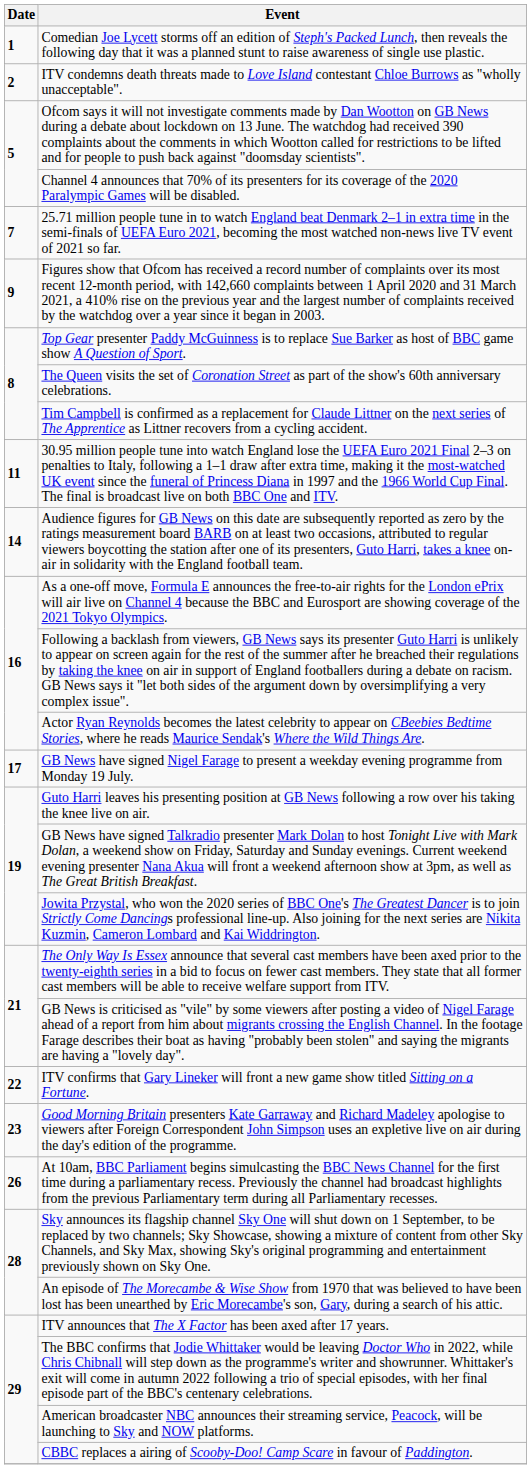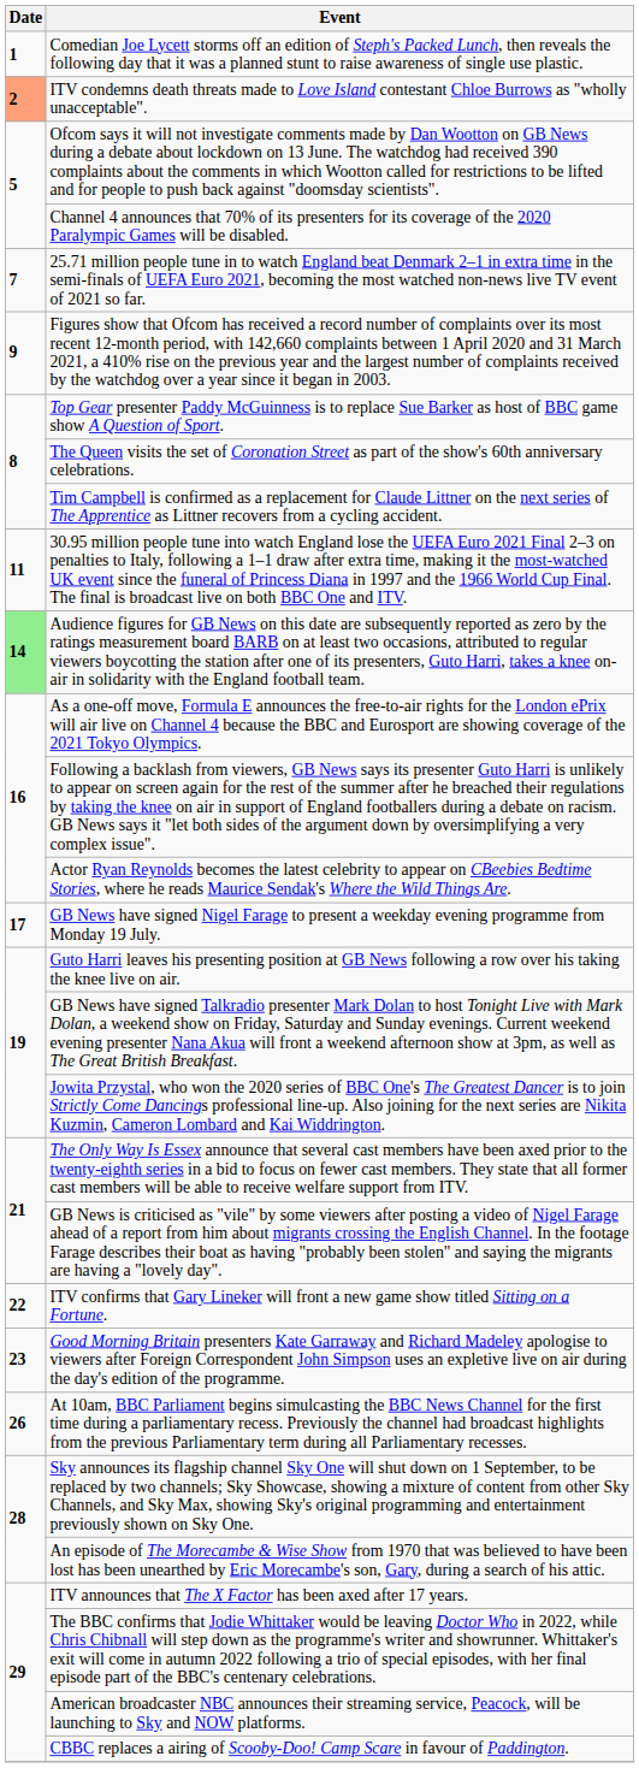 <table class="wikitable">
 <tr>
 <th>Date</th>
 <th>Event</th>
 </tr>
 <tr>
 <td><strong>1</strong></td>
 <td>Comedian <a href='#'>Joe Lycett</a> storms off an edition of <em><a href='#'>Steph's Packed Lunch</a></em>, then reveals the following day that it was a planned stunt to raise awareness of single use plastic.</td>
 </tr>
 <tr>
-<td><strong>2</strong></td>
+<td style="background: lightsalmon;"><strong>2</strong></td>
 <td>ITV condemns death threats made to <em><a href='#'>Love Island</a></em> contestant <a href='#'>Chloe Burrows</a> as "wholly unacceptable".</td>
 </tr>
 <tr>
 <td rowspan=2><strong>5</strong></td>
 <td>Ofcom says it will not investigate comments made by <a href='#'>Dan Wootton</a> on <a href='#'>GB News</a> during a debate about lockdown on 13 June. The watchdog had received 390 complaints about the comments in which Wootton called for restrictions to be lifted and for people to push back against "doomsday scientists".</td>
 </tr>
 <tr>
 <td>Channel 4 announces that 70% of its presenters for its coverage of the <a href='#'>2020 Paralympic Games</a> will be disabled.</td>
 </tr>
 <tr>
 <td><strong>7</strong></td>
 <td>25.71 million people tune in to watch <a href='#'>England beat Denmark 2–1 in extra time</a> in the semi-finals of <a href='#'>UEFA Euro 2021</a>, becoming the most watched non-news live TV event of 2021 so far.</td>
 </tr>
 <tr>
 <td><strong>9</strong></td>
 <td>Figures show that Ofcom has received a record number of complaints over its most recent 12-month period, with 142,660 complaints between 1 April 2020 and 31 March 2021, a 410% rise on the previous year and the largest number of complaints received by the watchdog over a year since it began in 2003.</td>
 </tr>
 <tr>
 <td rowspan=3><strong>8</strong></td>
 <td><em><a href='#'>Top Gear</a></em> presenter <a href='#'>Paddy McGuinness</a> is to replace <a href='#'>Sue Barker</a> as host of <a href='#'>BBC</a> game show <em><a href='#'>A Question of Sport</a></em>.</td>
 </tr>
 <tr>
 <td><a href='#'>The Queen</a> visits the set of <em><a href='#'>Coronation Street</a></em> as part of the show's 60th anniversary celebrations.</td>
 </tr>
 <tr>
 <td><a href='#'>Tim Campbell</a> is confirmed as a replacement for <a href='#'>Claude Littner</a> on the <a href='#'>next series</a> of <em><a href='#'>The Apprentice</a></em> as Littner recovers from a cycling accident.</td>
 </tr>
 <tr>
 <td><strong>11</strong></td>
 <td>30.95 million people tune into watch England lose the <a href='#'>UEFA Euro 2021 Final</a> 2–3 on penalties to Italy, following a 1–1 draw after extra time, making it the <a href='#'>most-watched UK event</a> since the <a href='#'>funeral of Princess Diana</a> in 1997 and the <a href='#'>1966 World Cup Final</a>. The final is broadcast live on both <a href='#'>BBC One</a> and <a href='#'>ITV</a>.</td>
 </tr>
 <tr>
-<td><strong>14</strong></td>
+<td style="background: lightgreen;"><strong>14</strong></td>
 <td>Audience figures for <a href='#'>GB News</a> on this date are subsequently reported as zero by the ratings measurement board <a href='#'>BARB</a> on at least two occasions, attributed to regular viewers boycotting the station after one of its presenters, <a href='#'>Guto Harri</a>, <a href='#'>takes a knee</a> on-air in solidarity with the England football team.</td>
 </tr>
 <tr>
 <td rowspan=3><strong>16</strong></td>
 <td>As a one-off move, <a href='#'>Formula E</a> announces the free-to-air rights for the <a href='#'>London ePrix</a> will air live on <a href='#'>Channel 4</a> because the BBC and Eurosport are showing coverage of the <a href='#'>2021 Tokyo Olympics</a>.</td>
 </tr>
 <tr>
 <td>Following a backlash from viewers, <a href='#'>GB News</a> says its presenter <a href='#'>Guto Harri</a> is unlikely to appear on screen again for the rest of the summer after he breached their regulations by <a href='#'>taking the knee</a> on air in support of England footballers during a debate on racism. GB News says it "let both sides of the argument down by oversimplifying a very complex issue".</td>
 </tr>
 <tr>
 <td>Actor <a href='#'>Ryan Reynolds</a> becomes the latest celebrity to appear on <em><a href='#'>CBeebies Bedtime Stories</a></em>, where he reads <a href='#'>Maurice Sendak</a>'s <em><a href='#'>Where the Wild Things Are</a></em>.</td>
 </tr>
 <tr>
 <td><strong>17</strong></td>
 <td><a href='#'>GB News</a> have signed <a href='#'>Nigel Farage</a> to present a weekday evening programme from Monday 19 July.</td>
 </tr>
 <tr>
 <td rowspan=3><strong>19</strong></td>
 <td><a href='#'>Guto Harri</a> leaves his presenting position at <a href='#'>GB News</a> following a row over his taking the knee live on air.</td>
 </tr>
 <tr>
 <td>GB News have signed <a href='#'>Talkradio</a> presenter <a href='#'>Mark Dolan</a> to host <em>Tonight Live with Mark Dolan</em>, a weekend show on Friday, Saturday and Sunday evenings. Current weekend evening presenter <a href='#'>Nana Akua</a> will front a weekend afternoon show at 3pm, as well as <em>The Great British Breakfast</em>.</td>
 </tr>
 <tr>
 <td><a href='#'>Jowita Przystal</a>, who won the 2020 series of <a href='#'>BBC One</a>'s <em><a href='#'>The Greatest Dancer</a></em> is to join <em><a href='#'>Strictly Come Dancing</a></em>s professional line-up. Also joining for the next series are <a href='#'>Nikita Kuzmin</a>, <a href='#'>Cameron Lombard</a> and <a href='#'>Kai Widdrington</a>.</td>
 </tr>
 <tr>
 <td rowspan=2><strong>21</strong></td>
 <td><em><a href='#'>The Only Way Is Essex</a></em> announce that several cast members have been axed prior to the <a href='#'>twenty-eighth series</a> in a bid to focus on fewer cast members. They state that all former cast members will be able to receive welfare support from ITV.</td>
 </tr>
 <tr>
 <td>GB News is criticised as "vile" by some viewers after posting a video of <a href='#'>Nigel Farage</a> ahead of a report from him about <a href='#'>migrants crossing the English Channel</a>. In the footage Farage describes their boat as having "probably been stolen" and saying the migrants are having a "lovely day".</td>
 </tr>
 <tr>
 <td><strong>22</strong></td>
 <td>ITV confirms that <a href='#'>Gary Lineker</a> will front a new game show titled <em><a href='#'>Sitting on a Fortune</a></em>.</td>
 </tr>
 <tr>
 <td><strong>23</strong></td>
 <td><em><a href='#'>Good Morning Britain</a></em> presenters <a href='#'>Kate Garraway</a> and <a href='#'>Richard Madeley</a> apologise to viewers after Foreign Correspondent <a href='#'>John Simpson</a> uses an expletive live on air during the day's edition of the programme.</td>
 </tr>
 <tr>
 <td><strong>26</strong></td>
 <td>At 10am, <a href='#'>BBC Parliament</a> begins simulcasting the <a href='#'>BBC News Channel</a> for the first time during a parliamentary recess. Previously the channel had broadcast highlights from the previous Parliamentary term during all Parliamentary recesses.</td>
 </tr>
 <tr>
 <td rowspan=2><strong>28</strong></td>
 <td><a href='#'>Sky</a> announces its flagship channel <a href='#'>Sky One</a> will shut down on 1 September, to be replaced by two channels; Sky Showcase, showing a mixture of content from other Sky Channels, and Sky Max, showing Sky's original programming and entertainment previously shown on Sky One.</td>
 </tr>
 <tr>
 <td>An episode of <em><a href='#'>The Morecambe & Wise Show</a></em> from 1970 that was believed to have been lost has been unearthed by <a href='#'>Eric Morecambe</a>'s son, <a href='#'>Gary</a>, during a search of his attic.</td>
 </tr>
 <tr>
 <td rowspan=4><strong>29</strong></td>
 <td>ITV announces that <em><a href='#'>The X Factor</a></em> has been axed after 17 years.</td>
 </tr>
 <tr>
 <td>The BBC confirms that <a href='#'>Jodie Whittaker</a> would be leaving <em><a href='#'>Doctor Who</a></em> in 2022, while <a href='#'>Chris Chibnall</a> will step down as the programme's writer and showrunner. Whittaker's exit will come in autumn 2022 following a trio of special episodes, with her final episode part of the BBC's centenary celebrations.</td>
 </tr>
 <tr>
 <td>American broadcaster <a href='#'>NBC</a> announces their streaming service, <a href='#'>Peacock</a>, will be launching to <a href='#'>Sky</a> and <a href='#'>NOW</a> platforms.</td>
 </tr>
 <tr>
 <td><a href='#'>CBBC</a> replaces a airing of  <em><a href='#'>Scooby-Doo! Camp Scare</a></em> in favour of <em><a href='#'>Paddington</a></em>.</td>
 </tr>
 <tr>
 </tr>
 </table>
